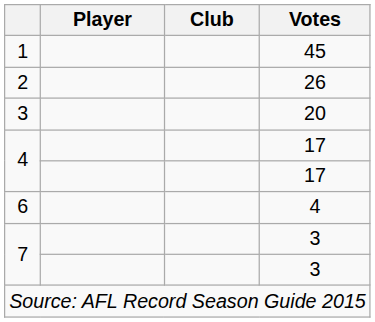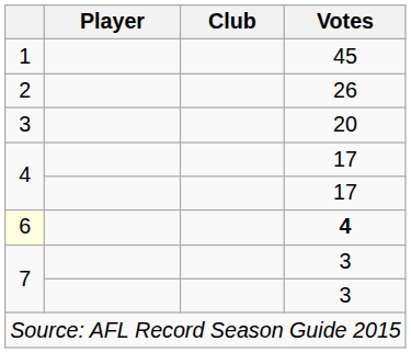 <table class="wikitable sortable" style="text-align:center">
 <tr>
 <th></th>
 <th>Player</th>
 <th>Club</th>
 <th>Votes</th>
 </tr>
 <tr>
 <td>1</td>
 <td></td>
 <td></td>
 <td>45</td>
 </tr>
 <tr>
 <td>2</td>
 <td></td>
 <td></td>
 <td>26</td>
 </tr>
 <tr>
 <td>3</td>
 <td></td>
 <td></td>
 <td>20</td>
 </tr>
 <tr>
 <td rowspan=2>4</td>
 <td></td>
 <td></td>
 <td>17</td>
 </tr>
 <tr>
 <td></td>
 <td></td>
 <td>17</td>
 </tr>
 <tr>
-<td>6</td>
+<td style="background: lightyellow;">6</td>
 <td></td>
 <td></td>
-<td>4</td>
+<td><strong>4</strong></td>
 </tr>
 <tr>
 <td rowspan=2>7</td>
 <td></td>
 <td></td>
 <td>3</td>
 </tr>
 <tr>
 <td></td>
 <td></td>
 <td>3</td>
 </tr>
 <tr class="sortbottom">
 <td colspan=4><em>Source: AFL Record Season Guide 2015</em></td>
 </tr>
 </table>
